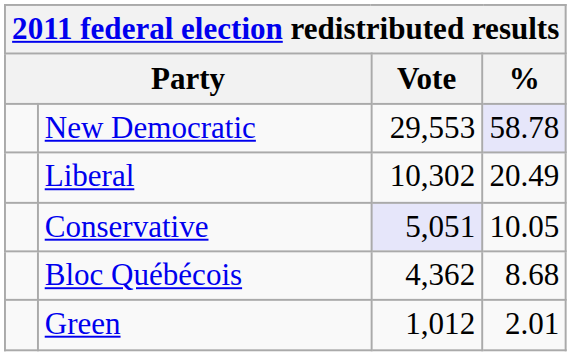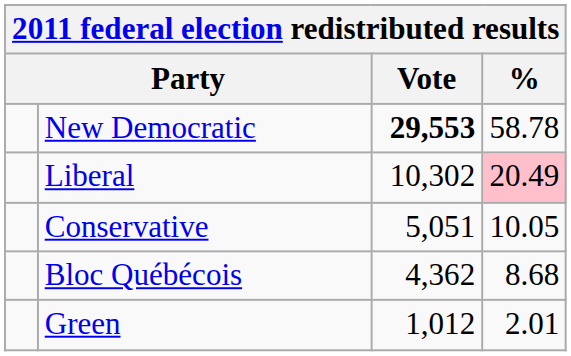 <table class="wikitable">
 <tr>
 <th colspan="4"><a href='#'>2011 federal election</a> redistributed results</th>
 </tr>
 <tr>
 <th bgcolor="#DDDDFF" width="130px" colspan="2">Party</th>
 <th bgcolor="#DDDDFF" width="50px">Vote</th>
 <th bgcolor="#DDDDFF" width="30px">%</th>
 </tr>
 <tr>
 <td> </td>
 <td><a href='#'>New Democratic</a></td>
-<td align=right>29,553</td>
-<td align=right style="background: lavender;">58.78</td>
+<td align=right><strong>29,553</strong></td>
+<td align=right>58.78</td>
 </tr>
 <tr>
 <td> </td>
 <td><a href='#'>Liberal</a></td>
 <td align=right>10,302</td>
-<td align=right>20.49</td>
+<td align=right style="background: pink;">20.49</td>
 </tr>
 <tr>
 <td> </td>
 <td><a href='#'>Conservative</a></td>
-<td align=right style="background: lavender;">5,051</td>
+<td align=right>5,051</td>
 <td align=right>10.05</td>
 </tr>
 <tr>
 <td> </td>
 <td><a href='#'>Bloc Québécois</a></td>
 <td align=right>4,362</td>
 <td align=right>8.68</td>
 </tr>
 <tr>
 <td> </td>
 <td><a href='#'>Green</a></td>
 <td align=right>1,012</td>
 <td align=right>2.01</td>
 </tr>
 </table>
